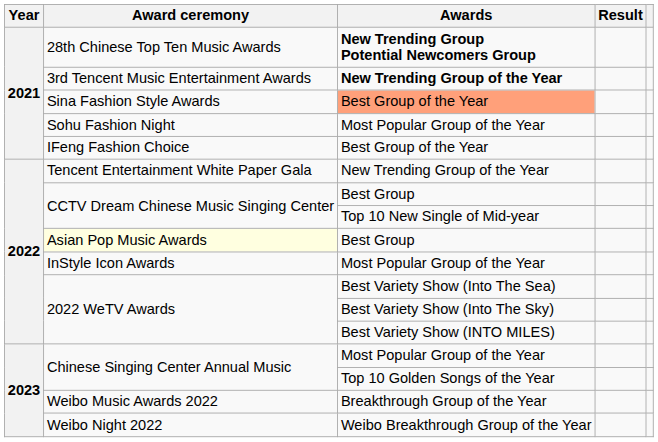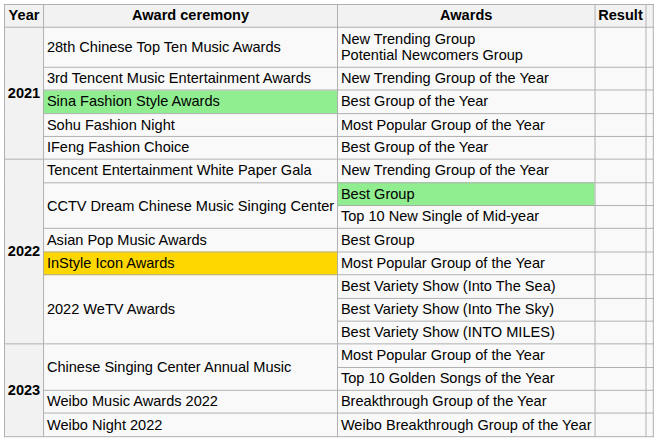 <table class="wikitable">
 <tr>
 <th>Year</th>
 <th>Award ceremony</th>
 <th>Awards</th>
 <th>Result</th>
 <th></th>
 </tr>
 <tr>
 <th rowspan="5">2021</th>
 <td>28th Chinese Top Ten Music Awards</td>
-<td><strong>New Trending Group<br>Potential Newcomers Group</strong></td>
+<td>New Trending Group<br>Potential Newcomers Group</td>
 <td></td>
 <td></td>
 </tr>
 <tr>
 <td>3rd Tencent Music Entertainment Awards</td>
-<td><strong>New Trending Group of the Year</strong></td>
+<td>New Trending Group of the Year</td>
 <td></td>
 <td></td>
 </tr>
 <tr>
-<td>Sina Fashion Style Awards</td>
-<td style="background: lightsalmon;">Best Group of the Year</td>
+<td style="background: lightgreen;">Sina Fashion Style Awards</td>
+<td>Best Group of the Year</td>
 <td></td>
 <td></td>
 </tr>
 <tr>
 <td>Sohu Fashion Night</td>
 <td>Most Popular Group of the Year</td>
 <td></td>
 <td></td>
 </tr>
 <tr>
 <td>IFeng Fashion Choice</td>
 <td>Best Group of the Year</td>
 <td></td>
 <td></td>
 </tr>
 <tr>
 <th rowspan="8">2022</th>
 <td>Tencent Entertainment White Paper Gala</td>
 <td>New Trending Group of the Year</td>
 <td></td>
 <td></td>
 </tr>
 <tr>
 <td rowspan="2">CCTV Dream Chinese Music Singing Center</td>
-<td>Best Group</td>
+<td style="background: lightgreen;">Best Group</td>
 <td></td>
 <td></td>
 </tr>
 <tr>
 <td>Top 10 New Single of Mid-year</td>
 <td></td>
 <td></td>
 </tr>
 <tr>
-<td style="background: lightyellow;">Asian Pop Music Awards</td>
+<td>Asian Pop Music Awards</td>
 <td>Best Group</td>
 <td></td>
 <td></td>
 </tr>
 <tr>
-<td>InStyle Icon Awards</td>
+<td style="background: gold;">InStyle Icon Awards</td>
 <td>Most Popular Group of the Year</td>
 <td></td>
 <td></td>
 </tr>
 <tr>
 <td rowspan="3">2022 WeTV Awards</td>
 <td>Best Variety Show (Into The Sea)</td>
 <td></td>
 <td></td>
 </tr>
 <tr>
 <td>Best Variety Show (Into The Sky)</td>
 <td></td>
 <td></td>
 </tr>
 <tr>
 <td>Best Variety Show (INTO MILES)</td>
 <td></td>
 <td></td>
 </tr>
 <tr>
 <th rowspan="4">2023</th>
 <td rowspan="2">Chinese Singing Center Annual Music</td>
 <td>Most Popular Group of the Year</td>
 <td></td>
 <td></td>
 </tr>
 <tr>
 <td>Top 10 Golden Songs of the Year</td>
 <td></td>
 <td></td>
 </tr>
 <tr>
 <td>Weibo Music Awards 2022</td>
 <td>Breakthrough Group of the Year</td>
 <td></td>
 <td></td>
 </tr>
 <tr>
 <td>Weibo Night 2022</td>
 <td>Weibo Breakthrough Group of the Year</td>
 <td></td>
 <td></td>
 </tr>
 </table>
